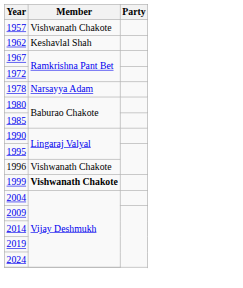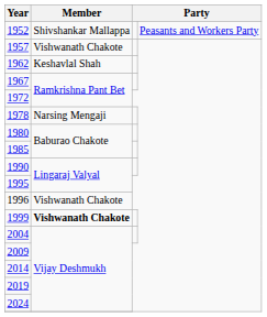 <table class="wikitable">
 <tr>
 <th>Year</th>
 <th>Member</th>
 <th colspan="2">Party</th>
+</tr>
+<tr>
+<td><a href='#'>1952</a></td>
+<td>Shivshankar Mallappa</td>
+<td style="background-color: "></td>
+<td><a href='#'>Peasants and Workers Party</a></td>
 </tr>
 <tr>
 <td><a href='#'>1957</a></td>
 <td>Vishwanath Chakote</td>
 <td></td>
 </tr>
 <tr>
 <td><a href='#'>1962</a></td>
 <td>Keshavlal Shah</td>
 <td></td>
 </tr>
 <tr>
 <td><a href='#'>1967</a></td>
 <td rowspan=2><a href='#'>Ramkrishna Pant Bet</a></td>
 <td></td>
 </tr>
 <tr>
 <td><a href='#'>1972</a></td>
 </tr>
 <tr>
 <td><a href='#'>1978</a></td>
-<td><a href='#'>Narsayya Adam</a></td>
+<td>Narsing Mengaji</td>
 <td></td>
 </tr>
 <tr>
 <td><a href='#'>1980</a></td>
 <td rowspan=2>Baburao Chakote</td>
 <td></td>
 </tr>
 <tr>
 <td><a href='#'>1985</a></td>
 <td></td>
 </tr>
 <tr>
 <td><a href='#'>1990</a></td>
 <td rowspan=2><a href='#'>Lingaraj Valyal</a></td>
 <td></td>
 </tr>
 <tr>
 <td><a href='#'>1995</a></td>
 </tr>
 <tr>
 <td>1996</td>
 <td>Vishwanath Chakote</td>
 </tr>
 <tr>
 <td><a href='#'>1999</a></td>
 <td><strong>Vishwanath Chakote</strong></td>
 <td></td>
 </tr>
 <tr>
 <td><a href='#'>2004</a></td>
 <td rowspan=5><a href='#'>Vijay Deshmukh</a></td>
 <td></td>
 </tr>
 <tr>
 <td><a href='#'>2009</a></td>
 </tr>
 <tr>
 <td><a href='#'>2014</a></td>
 </tr>
 <tr>
 <td><a href='#'>2019</a></td>
 </tr>
 <tr>
 <td><a href='#'>2024</a></td>
 </tr>
 <tr>
 </tr>
 </table>
